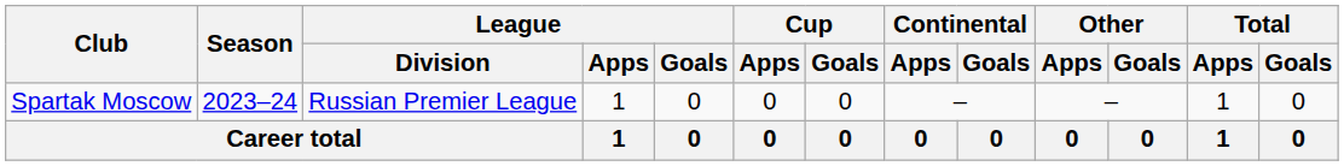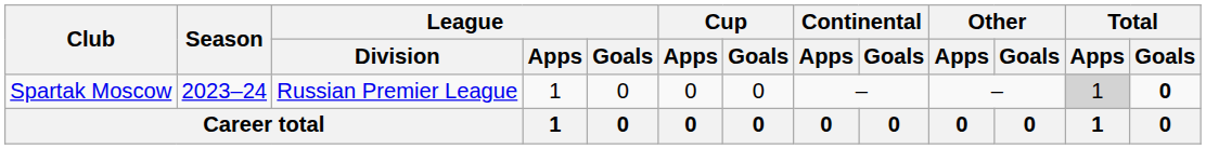 <table class="wikitable" style="text-align: center;">
 <tr>
 <th rowspan=2>Club</th>
 <th rowspan=2>Season</th>
 <th colspan=3>League</th>
 <th colspan=2>Cup</th>
 <th colspan=2>Continental</th>
 <th colspan=2>Other</th>
 <th colspan=2>Total</th>
 </tr>
 <tr>
 <th>Division</th>
 <th>Apps</th>
 <th>Goals</th>
 <th>Apps</th>
 <th>Goals</th>
 <th>Apps</th>
 <th>Goals</th>
 <th>Apps</th>
 <th>Goals</th>
 <th>Apps</th>
 <th>Goals</th>
 </tr>
 <tr>
 <td><a href='#'>Spartak Moscow</a></td>
 <td><a href='#'>2023–24</a></td>
 <td><a href='#'>Russian Premier League</a></td>
 <td>1</td>
 <td>0</td>
 <td>0</td>
 <td>0</td>
 <td colspan=2>–</td>
 <td colspan=2>–</td>
-<td>1</td>
-<td>0</td>
+<td style="background: lightgrey;">1</td>
+<td><strong>0</strong></td>
 </tr>
 <tr>
 <th colspan=3>Career total</th>
 <th>1</th>
 <th>0</th>
 <th>0</th>
 <th>0</th>
 <th>0</th>
 <th>0</th>
 <th>0</th>
 <th>0</th>
 <th>1</th>
 <th>0</th>
 </tr>
 </table>
